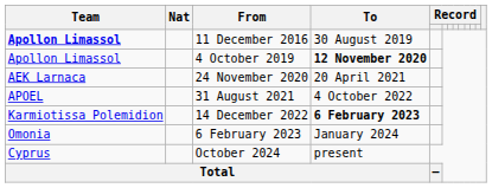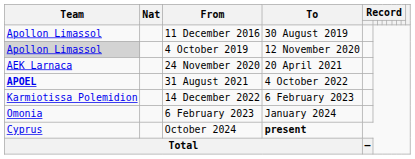 <table class="wikitable" style="text-align: center">
 <tr>
 <th rowspan="2">Team</th>
 <th rowspan="2">Nat</th>
 <th rowspan="2">From</th>
 <th rowspan="2">To</th>
 <th colspan="8">Record</th>
 <th rowspan=2></th>
 </tr>
 <tr>
 <th></th>
 <th></th>
 <th></th>
 <th></th>
 <th></th>
 <th></th>
 <th></th>
 <th></th>
 </tr>
 <tr>
-<td align=left><strong><a href='#'>Apollon Limassol</a></strong></td>
+<td align=left><a href='#'>Apollon Limassol</a></td>
 <td></td>
 <td align=left>11 December 2016</td>
 <td align=left>30 August 2019<br></td>
 <td></td>
 </tr>
 <tr>
-<td align=left><a href='#'>Apollon Limassol</a></td>
+<td align=left style="background: lightgrey;"><a href='#'>Apollon Limassol</a></td>
 <td></td>
 <td align=left>4 October 2019</td>
-<td align=left><strong>12 November 2020<br></strong></td>
+<td align=left>12 November 2020<br></td>
 <td></td>
 </tr>
 <tr>
 <td align="left"><a href='#'>AEK Larnaca</a></td>
 <td></td>
 <td align=left>24 November 2020</td>
 <td align=left>20 April 2021<br></td>
 <td></td>
 </tr>
 <tr>
-<td align="left"><a href='#'>APOEL</a></td>
+<td align="left"><strong><a href='#'>APOEL</a></strong></td>
 <td></td>
 <td align=left>31 August 2021</td>
 <td align=left>4 October 2022<br></td>
 <td></td>
 </tr>
 <tr>
 <td align="left"><a href='#'>Karmiotissa Polemidion</a></td>
 <td></td>
 <td align=left>14 December 2022</td>
-<td align=left><strong>6 February 2023<br></strong></td>
+<td align=left>6 February 2023<br></td>
 <td></td>
 </tr>
 <tr>
 <td align="left"><a href='#'>Omonia</a></td>
 <td></td>
 <td align=left>6 February 2023</td>
 <td align=left>January 2024<br></td>
 <td></td>
 </tr>
 <tr>
 <td align=left><a href='#'>Cyprus</a></td>
 <td></td>
 <td align=left>October 2024</td>
-<td align=left>present<br></td>
+<td align=left><strong>present<br></strong></td>
 </tr>
 <tr>
 <th colspan="4">Total<br></th>
 <th>—</th>
 </tr>
 </table>
